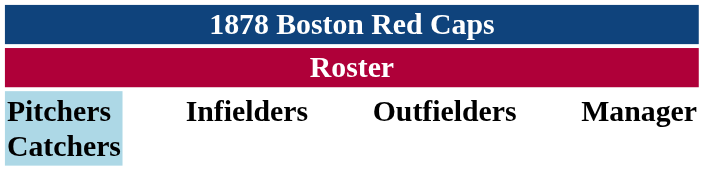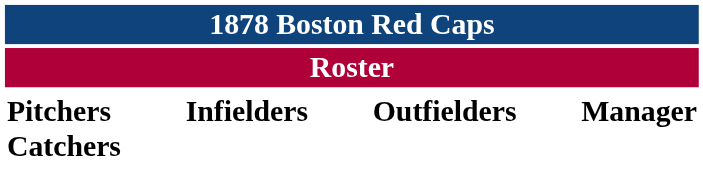 <table class="toccolours" style="font-size: 95%;">
 <tr>
 <th colspan="10" style="background-color: #0f437c; color: #FFFFFF; text-align: center;">1878 Boston Red Caps</th>
 </tr>
 <tr>
 <td colspan="10" style="background-color: #af0039; color: white; text-align: center;"><strong>Roster</strong></td>
 </tr>
 <tr>
-<td valign="top" style="background: lightblue;"><strong>Pitchers</strong><br> <strong>Catchers</strong> </td>
+<td valign="top"><strong>Pitchers</strong><br> <strong>Catchers</strong> </td>
 <td width="25px"></td>
 <td valign="top"><strong>Infielders</strong><br>   </td>
 <td width="25px"></td>
 <td valign="top"><strong>Outfielders</strong><br>   </td>
 <td width="25px"></td>
 <td valign="top"><strong>Manager</strong><br></td>
 </tr>
 </table>
